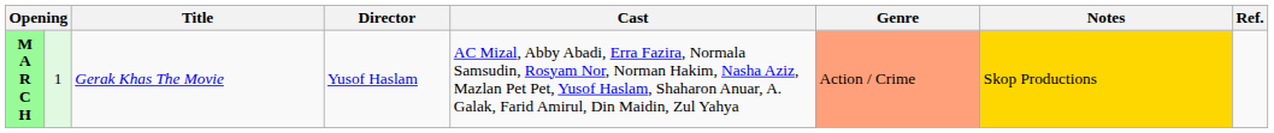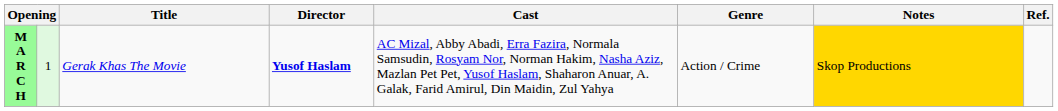 <table class="wikitable" width="100%">
 <tr>
 <th colspan="2">Opening</th>
 <th style="width:20%;">Title</th>
 <th style="width:10%;">Director</th>
 <th>Cast</th>
 <th style="width:13%">Genre</th>
 <th style="width:20%">Notes</th>
 <th>Ref.</th>
 </tr>
 <tr>
 <th rowspan=1 style="text-align:center; background:#98fb98;">M<br>A<br>R<br>C<br>H</th>
 <td rowspan=1 style="text-align:center; background:#e0f9e0;">1</td>
 <td><em><a href='#'>Gerak Khas The Movie</a></em></td>
-<td><a href='#'>Yusof Haslam</a></td>
+<td><strong><a href='#'>Yusof Haslam</a></strong></td>
 <td><a href='#'>AC Mizal</a>, Abby Abadi, <a href='#'>Erra Fazira</a>, Normala Samsudin, <a href='#'>Rosyam Nor</a>, Norman Hakim, <a href='#'>Nasha Aziz</a>, Mazlan Pet Pet, <a href='#'>Yusof Haslam</a>, Shaharon Anuar, A. Galak, Farid Amirul, Din Maidin, Zul Yahya</td>
-<td style="background: lightsalmon;">Action / Crime</td>
+<td>Action / Crime</td>
 <td style="background: gold;">Skop Productions</td>
 <td></td>
 </tr>
 </table>
